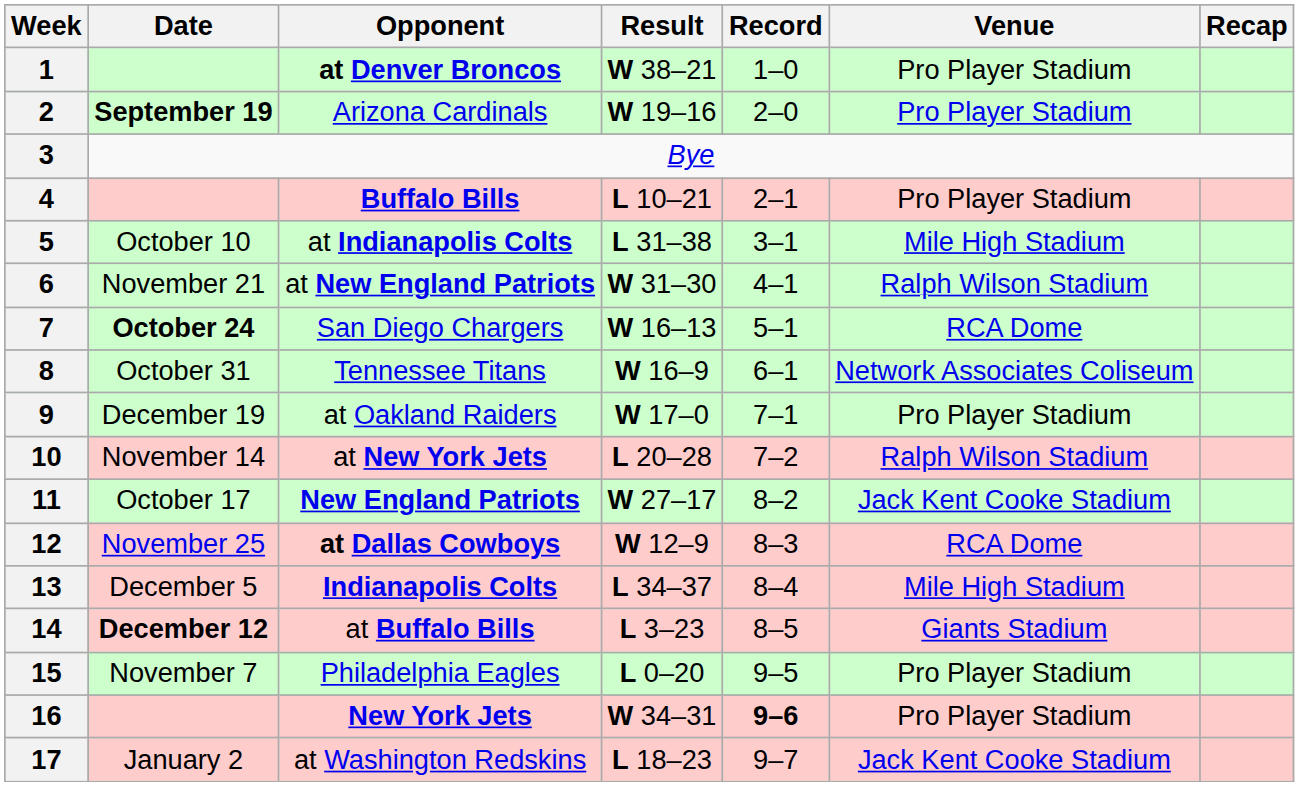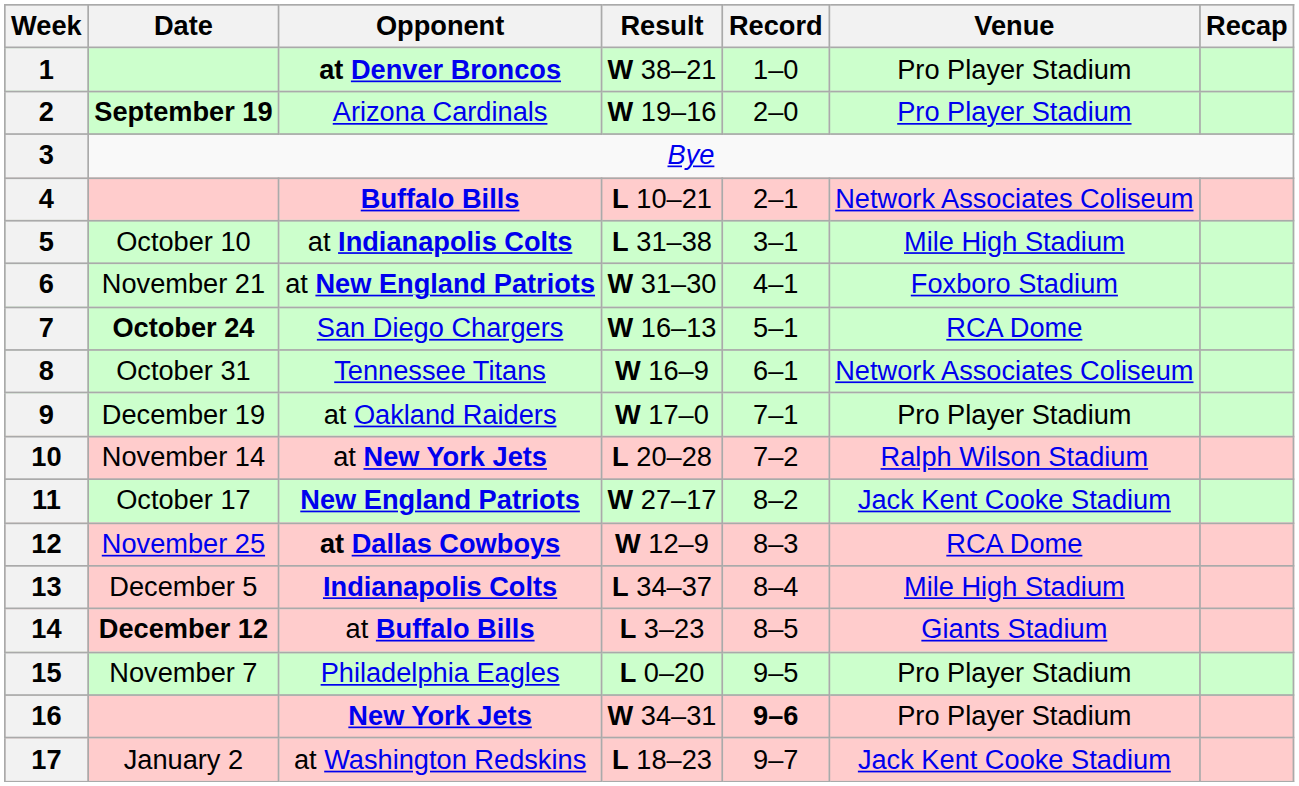 <table class="wikitable" style="text-align:center">
 <tr>
 <th>Week</th>
 <th>Date</th>
 <th>Opponent</th>
 <th>Result</th>
 <th>Record</th>
 <th>Venue</th>
 <th>Recap</th>
 </tr>
 <tr style="background: #cfc;">
 <th>1</th>
 <td></td>
 <td><strong>at <a href='#'>Denver Broncos</a></strong></td>
 <td><strong>W</strong> 38–21</td>
 <td>1–0</td>
 <td>Pro Player Stadium</td>
 <td></td>
 </tr>
 <tr style="background: #cfc;">
 <th>2</th>
 <td><strong>September 19</strong></td>
 <td><a href='#'>Arizona Cardinals</a></td>
 <td><strong>W</strong> 19–16</td>
 <td>2–0</td>
 <td><a href='#'>Pro Player Stadium</a></td>
 <td></td>
 </tr>
 <tr>
 <th>3</th>
 <td colspan=6 align="center"><em><a href='#'>Bye</a></em></td>
 </tr>
 <tr style="background: #fcc;">
 <th>4</th>
 <td></td>
 <td><strong><a href='#'>Buffalo Bills</a></strong></td>
 <td><strong>L</strong> 10–21</td>
 <td>2–1</td>
-<td>Pro Player Stadium</td>
+<td><a href='#'>Network Associates Coliseum</a></td>
 <td></td>
 </tr>
 <tr style="background: #cfc;">
 <th>5</th>
 <td>October 10</td>
 <td>at <strong><a href='#'>Indianapolis Colts</a></strong></td>
 <td><strong>L</strong> 31–38</td>
 <td>3–1</td>
 <td><a href='#'>Mile High Stadium</a></td>
 <td></td>
 </tr>
 <tr style="background: #cfc;">
 <th>6</th>
 <td>November 21</td>
 <td>at <strong><a href='#'>New England Patriots</a></strong></td>
 <td><strong>W</strong> 31–30</td>
 <td>4–1</td>
-<td><a href='#'>Ralph Wilson Stadium</a></td>
+<td><a href='#'>Foxboro Stadium</a></td>
 <td></td>
 </tr>
 <tr style="background: #cfc;">
 <th>7</th>
 <td><strong>October 24</strong></td>
 <td><a href='#'>San Diego Chargers</a></td>
 <td><strong>W</strong> 16–13</td>
 <td>5–1</td>
 <td><a href='#'>RCA Dome</a></td>
 <td></td>
 </tr>
 <tr style="background: #cfc;">
 <th>8</th>
 <td>October 31</td>
 <td><a href='#'>Tennessee Titans</a></td>
 <td><strong>W</strong> 16–9</td>
 <td>6–1</td>
 <td><a href='#'>Network Associates Coliseum</a></td>
 <td></td>
 </tr>
 <tr style="background: #cfc;">
 <th>9</th>
 <td>December 19</td>
 <td>at <a href='#'>Oakland Raiders</a></td>
 <td><strong>W</strong> 17–0</td>
 <td>7–1</td>
 <td>Pro Player Stadium</td>
 <td></td>
 </tr>
 <tr style="background: #fcc;">
 <th>10</th>
 <td>November 14</td>
 <td>at <strong><a href='#'>New York Jets</a></strong></td>
 <td><strong>L</strong> 20–28</td>
 <td>7–2</td>
 <td><a href='#'>Ralph Wilson Stadium</a></td>
 <td></td>
 </tr>
 <tr style="background: #cfc;">
 <th>11</th>
 <td>October 17</td>
 <td><strong><a href='#'>New England Patriots</a></strong></td>
 <td><strong>W</strong> 27–17</td>
 <td>8–2</td>
 <td><a href='#'>Jack Kent Cooke Stadium</a></td>
 <td></td>
 </tr>
 <tr style="background: #fcc;">
 <th>12</th>
 <td><a href='#'>November 25</a></td>
 <td><strong>at <a href='#'>Dallas Cowboys</a></strong></td>
 <td><strong>W</strong> 12–9</td>
 <td>8–3</td>
 <td><a href='#'>RCA Dome</a></td>
 <td></td>
 </tr>
 <tr style="background: #fcc;">
 <th>13</th>
 <td>December 5</td>
 <td><strong><a href='#'>Indianapolis Colts</a></strong></td>
 <td><strong>L</strong> 34–37</td>
 <td>8–4</td>
 <td><a href='#'>Mile High Stadium</a></td>
 <td></td>
 </tr>
 <tr style="background: #fcc;">
 <th>14</th>
 <td><strong>December 12</strong></td>
 <td>at <strong><a href='#'>Buffalo Bills</a></strong></td>
 <td><strong>L</strong> 3–23</td>
 <td>8–5</td>
 <td><a href='#'>Giants Stadium</a></td>
 <td></td>
 </tr>
 <tr style="background: #cfc;">
 <th>15</th>
 <td>November 7</td>
 <td><a href='#'>Philadelphia Eagles</a></td>
 <td><strong>L</strong> 0–20</td>
 <td>9–5</td>
 <td>Pro Player Stadium</td>
 <td></td>
 </tr>
 <tr style="background: #fcc;">
 <th>16</th>
 <td></td>
 <td><strong><a href='#'>New York Jets</a></strong></td>
 <td><strong>W</strong> 34–31</td>
 <td><strong>9–6</strong></td>
 <td>Pro Player Stadium</td>
 <td></td>
 </tr>
 <tr style="background: #fcc;">
 <th>17</th>
 <td>January 2</td>
 <td>at <a href='#'>Washington Redskins</a></td>
 <td><strong>L</strong> 18–23</td>
 <td>9–7</td>
 <td><a href='#'>Jack Kent Cooke Stadium</a></td>
 <td></td>
 </tr>
 </table>
